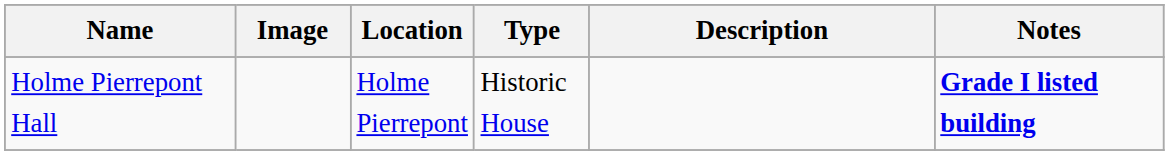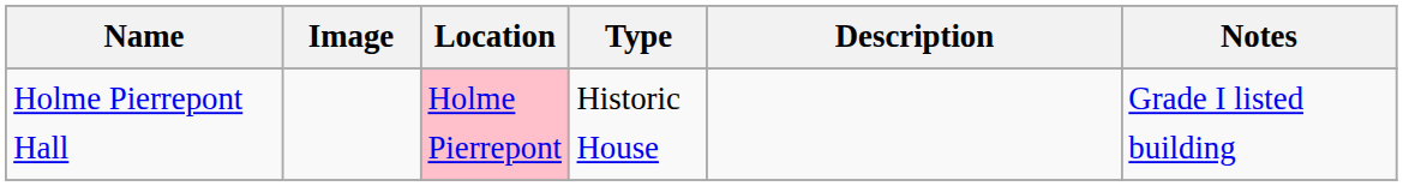 <table class="wikitable sortable" style="font-size:90%;width:100%;border:0px;text-align:left;line-height:150%;">
 <tr>
 <th width="20%">Name</th>
 <th width="10%" class="unsortable">Image</th>
 <th width="10%">Location</th>
 <th width="10%">Type</th>
 <th width="30%" class="unsortable">Description</th>
 <th width="20%" class="unsortable">Notes</th>
 </tr>
 <tr>
 <td><a href='#'>Holme Pierrepont Hall</a></td>
 <td></td>
-<td><a href='#'>Holme Pierrepont</a></td>
+<td style="background: pink;"><a href='#'>Holme Pierrepont</a></td>
 <td>Historic <a href='#'>House</a></td>
 <td></td>
-<td><strong><a href='#'>Grade I listed building</a></strong></td>
+<td><a href='#'>Grade I listed building</a></td>
 </tr>
 <tr>
 </tr>
 </table>
